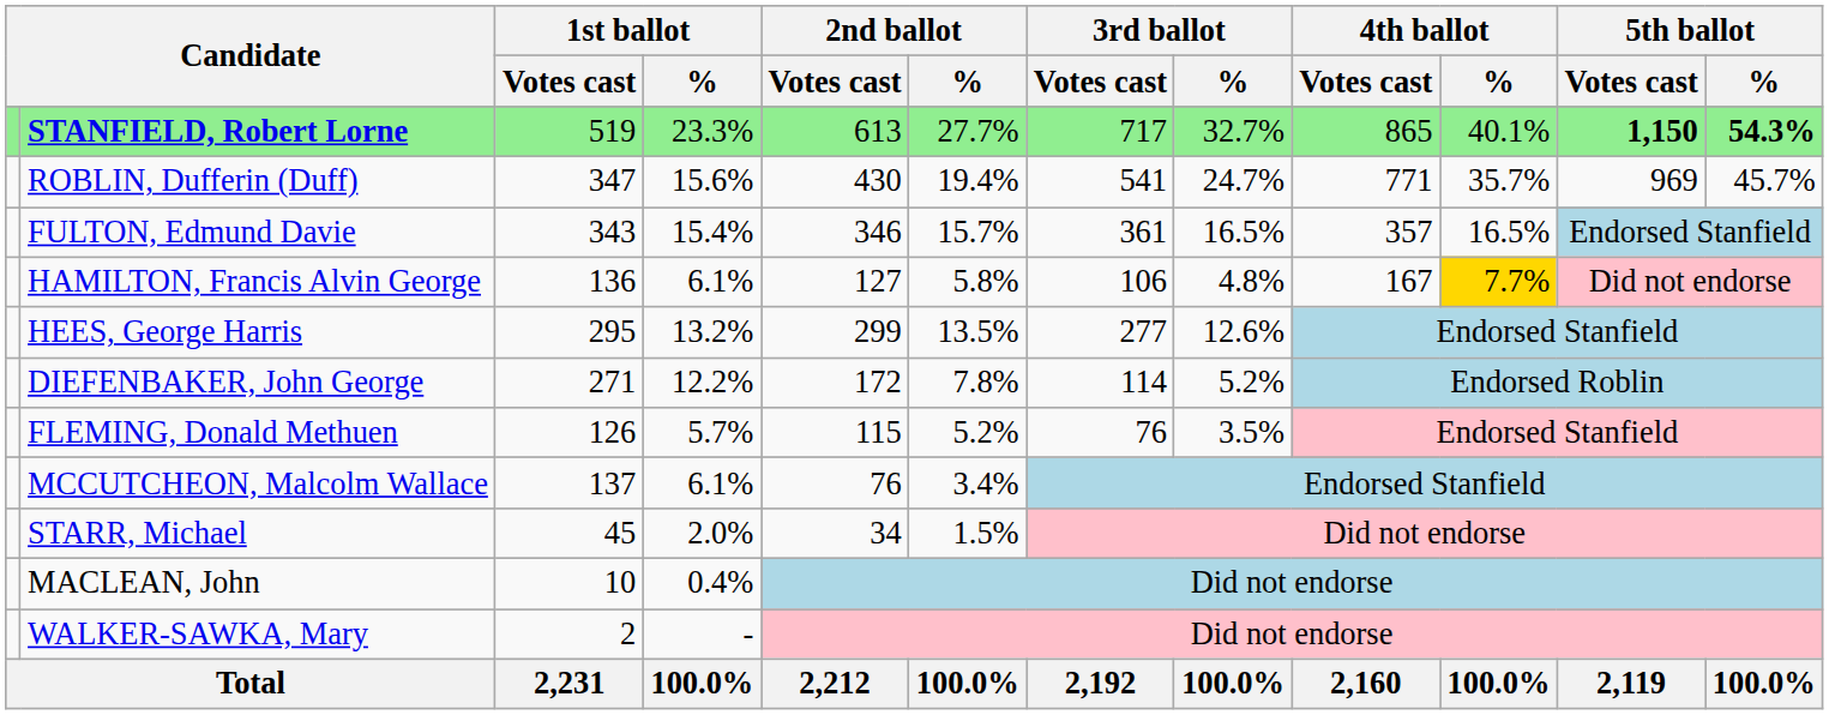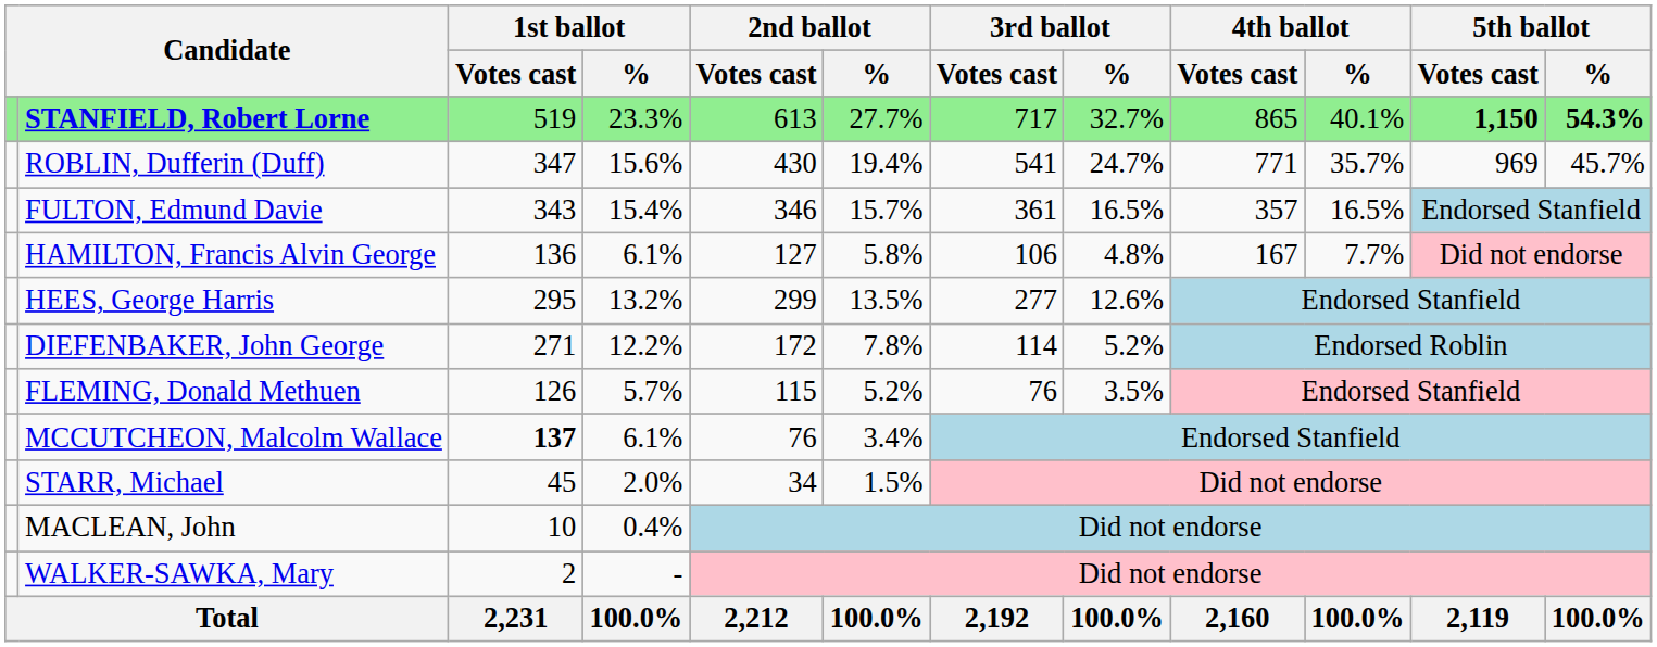 <table class="wikitable">
 <tr>
 <th colspan="2" rowspan="2">Candidate</th>
 <th colspan="2">1st ballot</th>
 <th colspan="2">2nd ballot</th>
 <th colspan="2">3rd ballot</th>
 <th colspan="2">4th ballot</th>
 <th colspan="2">5th ballot</th>
 </tr>
 <tr>
 <th>Votes cast</th>
 <th>%</th>
 <th>Votes cast</th>
 <th>%</th>
 <th>Votes cast</th>
 <th>%</th>
 <th>Votes cast</th>
 <th>%</th>
 <th>Votes cast</th>
 <th>%</th>
 </tr>
 <tr style="background:lightgreen;">
 <td></td>
 <td><strong><a href='#'>STANFIELD, Robert Lorne</a></strong></td>
 <td align="right">519</td>
 <td align="right">23.3%</td>
 <td align="right">613</td>
 <td align="right">27.7%</td>
 <td align="right">717</td>
 <td align="right">32.7%</td>
 <td align="right">865</td>
 <td align="right">40.1%</td>
 <td align="right"><strong>1,150</strong></td>
 <td align="right"><strong>54.3%</strong></td>
 </tr>
 <tr>
 <td></td>
 <td><a href='#'>ROBLIN, Dufferin (Duff)</a></td>
 <td align="right">347</td>
 <td align="right">15.6%</td>
 <td align="right">430</td>
 <td align="right">19.4%</td>
 <td align="right">541</td>
 <td align="right">24.7%</td>
 <td align="right">771</td>
 <td align="right">35.7%</td>
 <td align="right">969</td>
 <td align="right">45.7%</td>
 </tr>
 <tr>
 <td></td>
 <td><a href='#'>FULTON, Edmund Davie</a></td>
 <td align="right">343</td>
 <td align="right">15.4%</td>
 <td align="right">346</td>
 <td align="right">15.7%</td>
 <td align="right">361</td>
 <td align="right">16.5%</td>
 <td align="right">357</td>
 <td align="right">16.5%</td>
 <td style="text-align:center; background:lightblue;" colspan="2">Endorsed Stanfield</td>
 </tr>
 <tr>
 <td></td>
 <td><a href='#'>HAMILTON, Francis Alvin George</a></td>
 <td align="right">136</td>
 <td align="right">6.1%</td>
 <td align="right">127</td>
 <td align="right">5.8%</td>
 <td align="right">106</td>
 <td align="right">4.8%</td>
 <td align="right">167</td>
-<td align="right" style="background: gold;">7.7%</td>
+<td align="right">7.7%</td>
 <td style="text-align:center; background:pink;" colspan="2">Did not endorse</td>
 </tr>
 <tr>
 <td></td>
 <td><a href='#'>HEES, George Harris</a></td>
 <td align="right">295</td>
 <td align="right">13.2%</td>
 <td align="right">299</td>
 <td align="right">13.5%</td>
 <td align="right">277</td>
 <td align="right">12.6%</td>
 <td style="text-align:center; background:lightblue;" colspan="4">Endorsed Stanfield</td>
 </tr>
 <tr>
 <td></td>
 <td><a href='#'>DIEFENBAKER, John George</a></td>
 <td align="right">271</td>
 <td align="right">12.2%</td>
 <td align="right">172</td>
 <td align="right">7.8%</td>
 <td align="right">114</td>
 <td align="right">5.2%</td>
 <td style="text-align:center; background:lightblue;" colspan="4">Endorsed Roblin</td>
 </tr>
 <tr>
 <td></td>
 <td><a href='#'>FLEMING, Donald Methuen</a></td>
 <td align="right">126</td>
 <td align="right">5.7%</td>
 <td align="right">115</td>
 <td align="right">5.2%</td>
 <td align="right">76</td>
 <td align="right">3.5%</td>
 <td style="text-align:center; background:pink;" colspan="4">Endorsed Stanfield</td>
 </tr>
 <tr>
 <td></td>
 <td><a href='#'>MCCUTCHEON, Malcolm Wallace</a></td>
-<td align="right">137</td>
+<td align="right"><strong>137</strong></td>
 <td align="right">6.1%</td>
 <td align="right">76</td>
 <td align="right">3.4%</td>
 <td style="text-align:center; background:lightblue;" colspan="6">Endorsed Stanfield</td>
 </tr>
 <tr>
 <td></td>
 <td><a href='#'>STARR, Michael</a></td>
 <td align="right">45</td>
 <td align="right">2.0%</td>
 <td align="right">34</td>
 <td align="right">1.5%</td>
 <td style="text-align:center; background:pink;" colspan="6">Did not endorse</td>
 </tr>
 <tr>
 <td></td>
 <td>MACLEAN, John</td>
 <td align="right">10</td>
 <td align="right">0.4%</td>
 <td style="text-align:center; background:lightblue;" colspan="8">Did not endorse</td>
 </tr>
 <tr>
 <td></td>
 <td><a href='#'>WALKER-SAWKA, Mary</a></td>
 <td align="right">2</td>
 <td align="right">-</td>
 <td style="text-align:center; background:pink;" colspan="8">Did not endorse</td>
 </tr>
 <tr>
 <th colspan="2">Total</th>
 <th align="right">2,231</th>
 <th align="right">100.0%</th>
 <th align="right">2,212</th>
 <th align="right">100.0%</th>
 <th align="right">2,192</th>
 <th align="right">100.0%</th>
 <th align="right">2,160</th>
 <th align="right">100.0%</th>
 <th align="right">2,119</th>
 <th align="right">100.0%</th>
 </tr>
 </table>
